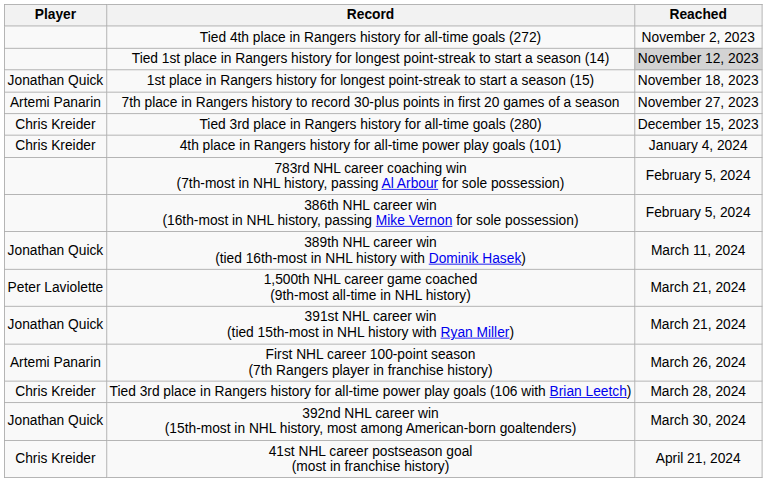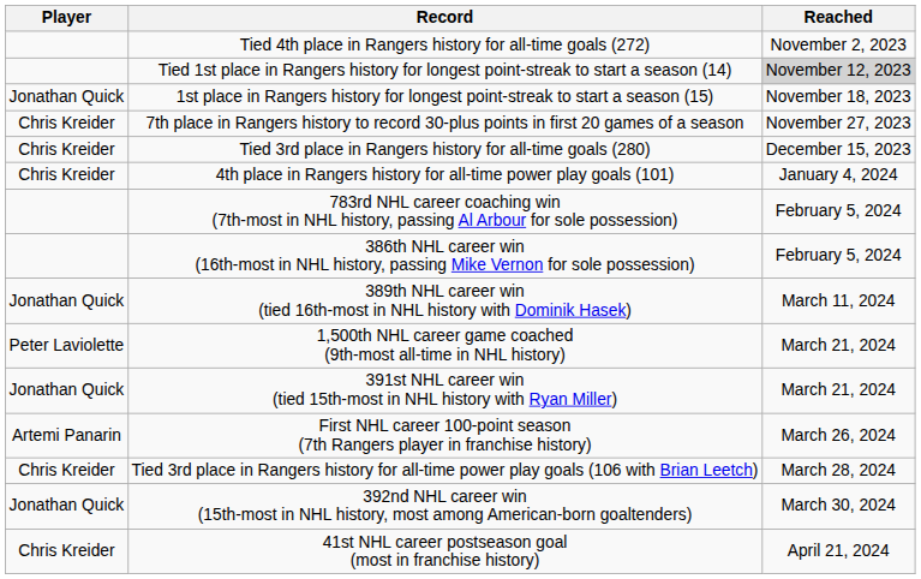 <table class="wikitable sortable" style="text-align:center;">
 <tr>
 <th>Player</th>
 <th>Record</th>
 <th>Reached</th>
 </tr>
 <tr>
 <td></td>
 <td>Tied 4th place in Rangers history for all-time goals (272)</td>
 <td>November 2, 2023</td>
 </tr>
 <tr>
 <td></td>
 <td>Tied 1st place in Rangers history for longest point-streak to start a season (14)</td>
 <td style="background: lightgrey;">November 12, 2023</td>
 </tr>
 <tr>
 <td>Jonathan Quick</td>
 <td>1st place in Rangers history for longest point-streak to start a season (15)</td>
 <td>November 18, 2023</td>
 </tr>
 <tr>
-<td>Artemi Panarin</td>
+<td>Chris Kreider</td>
 <td>7th place in Rangers history to record 30-plus points in first 20 games of a season</td>
 <td>November 27, 2023</td>
 </tr>
 <tr>
 <td>Chris Kreider</td>
 <td>Tied 3rd place in Rangers history for all-time goals (280)</td>
 <td>December 15, 2023</td>
 </tr>
 <tr>
 <td>Chris Kreider</td>
 <td>4th place in Rangers history for all-time power play goals (101)</td>
 <td>January 4, 2024</td>
 </tr>
 <tr>
 <td></td>
 <td>783rd NHL career coaching win<br>(7th-most in NHL history, passing <a href='#'>Al Arbour</a> for sole possession)</td>
 <td>February 5, 2024</td>
 </tr>
 <tr>
 <td></td>
 <td>386th NHL career win<br>(16th-most in NHL history, passing <a href='#'>Mike Vernon</a> for sole possession)</td>
 <td>February 5, 2024</td>
 </tr>
 <tr>
 <td>Jonathan Quick</td>
 <td>389th NHL career win<br>(tied 16th-most in NHL history with <a href='#'>Dominik Hasek</a>)</td>
 <td>March 11, 2024</td>
 </tr>
 <tr>
 <td>Peter Laviolette</td>
 <td>1,500th NHL career game coached<br>(9th-most all-time in NHL history)</td>
 <td>March 21, 2024</td>
 </tr>
 <tr>
 <td>Jonathan Quick</td>
 <td>391st NHL career win<br>(tied 15th-most in NHL history with <a href='#'>Ryan Miller</a>)</td>
 <td>March 21, 2024</td>
 </tr>
 <tr>
 <td>Artemi Panarin</td>
 <td>First NHL career 100-point season<br>(7th Rangers player in franchise history)</td>
 <td>March 26, 2024</td>
 </tr>
 <tr>
 <td>Chris Kreider</td>
 <td>Tied 3rd place in Rangers history for all-time power play goals (106 with <a href='#'>Brian Leetch</a>)</td>
 <td>March 28, 2024</td>
 </tr>
 <tr>
 <td>Jonathan Quick</td>
 <td>392nd NHL career win<br>(15th-most in NHL history, most among American-born goaltenders)</td>
 <td>March 30, 2024</td>
 </tr>
 <tr>
 <td>Chris Kreider</td>
 <td>41st NHL career postseason goal<br>(most in franchise history)</td>
 <td>April 21, 2024</td>
 </tr>
 </table>
